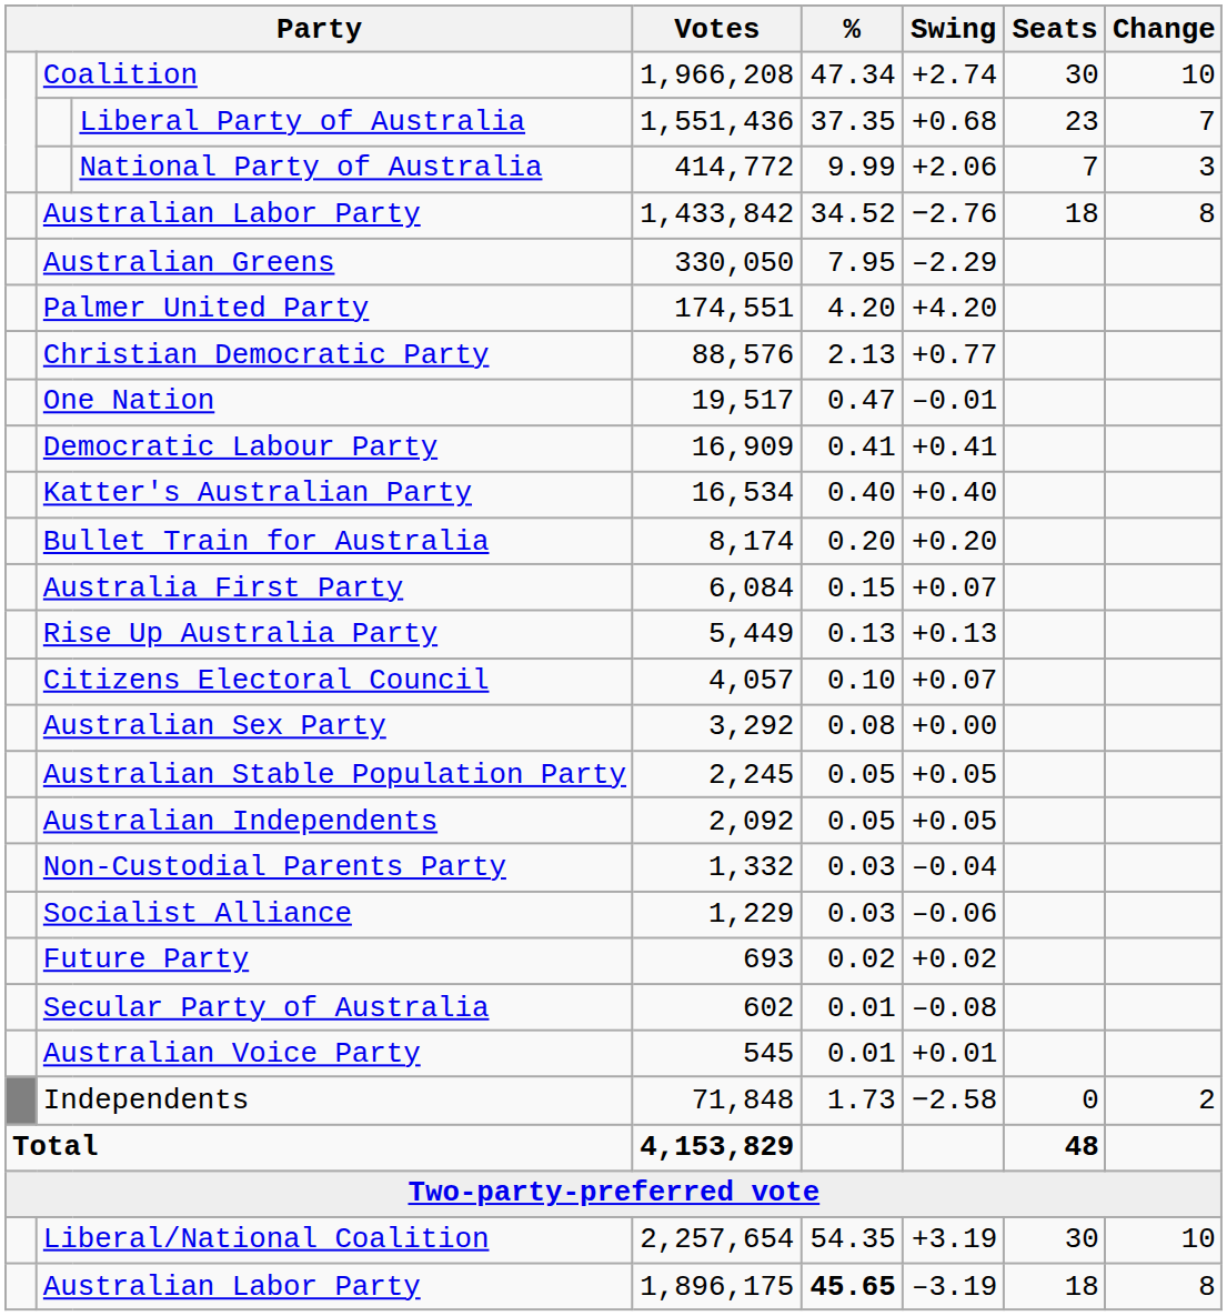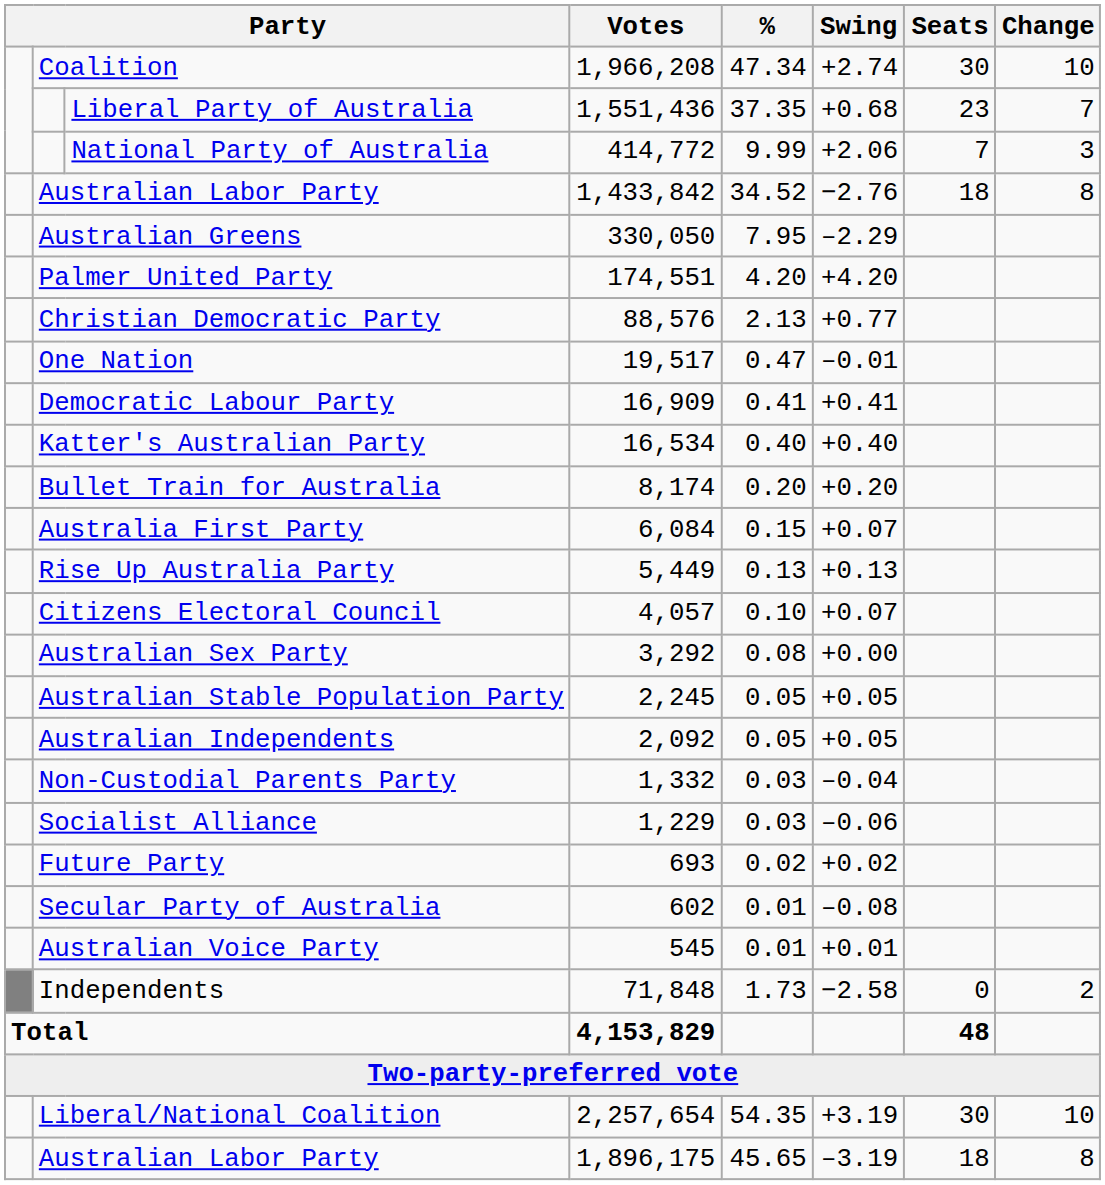 <table class="wikitable">
 <tr>
 <th style="width:200px" colspan=3><strong>Party</strong></th>
 <th style="width:70px; text-align:center;"><strong>Votes</strong></th>
 <th style="width:40px; text-align:center;"><strong>%</strong></th>
 <th style="width:40px; text-align:center;"><strong>Swing</strong></th>
 <th style="width:40px; text-align:center;"><strong>Seats</strong></th>
 <th style="width:40px; text-align:center;"><strong>Change</strong></th>
 </tr>
 <tr>
 <td rowspan=3> </td>
 <td colspan=2><a href='#'>Coalition</a></td>
 <td align=right>1,966,208</td>
 <td align=right>47.34</td>
 <td align=right>+2.74</td>
 <td align=right>30</td>
 <td align=right> 10</td>
 </tr>
 <tr>
 <td> </td>
 <td><a href='#'>Liberal Party of Australia</a></td>
 <td align=right>1,551,436</td>
 <td align=right>37.35</td>
 <td align=right>+0.68</td>
 <td align=right>23</td>
 <td align=right> 7</td>
 </tr>
 <tr>
 <td> </td>
 <td><a href='#'>National Party of Australia</a></td>
 <td align=right>414,772</td>
 <td align=right>9.99</td>
 <td align=right>+2.06</td>
 <td align=right>7</td>
 <td align=right> 3</td>
 </tr>
 <tr>
 <td> </td>
 <td colspan=2><a href='#'>Australian Labor Party</a></td>
 <td align=right>1,433,842</td>
 <td align=right>34.52</td>
 <td align=right>−2.76</td>
 <td align=right>18</td>
 <td align=right> 8</td>
 </tr>
 <tr>
 <td> </td>
 <td colspan=2><a href='#'>Australian Greens</a></td>
 <td align=right>330,050</td>
 <td align=right>7.95</td>
 <td align=right>–2.29</td>
 <td align=right></td>
 <td align=right></td>
 </tr>
 <tr>
 <td> </td>
 <td colspan=2><a href='#'>Palmer United Party</a></td>
 <td align=right>174,551</td>
 <td align=right>4.20</td>
 <td align=right>+4.20</td>
 <td align=right></td>
 <td align=right></td>
 </tr>
 <tr>
 <td> </td>
 <td colspan=2><a href='#'>Christian Democratic Party</a></td>
 <td align=right>88,576</td>
 <td align=right>2.13</td>
 <td align=right>+0.77</td>
 <td align=right></td>
 <td align=right></td>
 </tr>
 <tr>
 <td> </td>
 <td colspan=2><a href='#'>One Nation</a></td>
 <td align=right>19,517</td>
 <td align=right>0.47</td>
 <td align=right>–0.01</td>
 <td align=right></td>
 <td align=right></td>
 </tr>
 <tr>
 <td> </td>
 <td colspan=2><a href='#'>Democratic Labour Party</a></td>
 <td align=right>16,909</td>
 <td align=right>0.41</td>
 <td align=right>+0.41</td>
 <td align=right></td>
 <td align=right></td>
 </tr>
 <tr>
 <td> </td>
 <td colspan=2><a href='#'>Katter's Australian Party</a></td>
 <td align=right>16,534</td>
 <td align=right>0.40</td>
 <td align=right>+0.40</td>
 <td align=right></td>
 <td align=right></td>
 </tr>
 <tr>
 <td> </td>
 <td colspan=2><a href='#'>Bullet Train for Australia</a></td>
 <td align=right>8,174</td>
 <td align=right>0.20</td>
 <td align=right>+0.20</td>
 <td align=right></td>
 <td align=right></td>
 </tr>
 <tr>
 <td> </td>
 <td colspan=2><a href='#'>Australia First Party</a></td>
 <td align=right>6,084</td>
 <td align=right>0.15</td>
 <td align=right>+0.07</td>
 <td align=right></td>
 <td align=right></td>
 </tr>
 <tr>
 <td> </td>
 <td colspan=2><a href='#'>Rise Up Australia Party</a></td>
 <td align=right>5,449</td>
 <td align=right>0.13</td>
 <td align=right>+0.13</td>
 <td align=right></td>
 <td align=right></td>
 </tr>
 <tr>
 <td> </td>
 <td colspan=2><a href='#'>Citizens Electoral Council</a></td>
 <td align=right>4,057</td>
 <td align=right>0.10</td>
 <td align=right>+0.07</td>
 <td align=right></td>
 <td align=right></td>
 </tr>
 <tr>
 <td> </td>
 <td colspan=2><a href='#'>Australian Sex Party</a></td>
 <td align=right>3,292</td>
 <td align=right>0.08</td>
 <td align=right>+0.00</td>
 <td align=right></td>
 <td align=right></td>
 </tr>
 <tr>
 <td> </td>
 <td colspan=2><a href='#'>Australian Stable Population Party</a></td>
 <td align=right>2,245</td>
 <td align=right>0.05</td>
 <td align=right>+0.05</td>
 <td align=right></td>
 <td align=right></td>
 </tr>
 <tr>
 <td> </td>
 <td colspan=2><a href='#'>Australian Independents</a></td>
 <td align=right>2,092</td>
 <td align=right>0.05</td>
 <td align=right>+0.05</td>
 <td align=right></td>
 <td align=right></td>
 </tr>
 <tr>
 <td> </td>
 <td colspan=2><a href='#'>Non-Custodial Parents Party</a></td>
 <td align=right>1,332</td>
 <td align=right>0.03</td>
 <td align=right>–0.04</td>
 <td align=right></td>
 <td align=right></td>
 </tr>
 <tr>
 <td> </td>
 <td colspan=2><a href='#'>Socialist Alliance</a></td>
 <td align=right>1,229</td>
 <td align=right>0.03</td>
 <td align=right>–0.06</td>
 <td align=right></td>
 <td align=right></td>
 </tr>
 <tr>
 <td> </td>
 <td colspan=2><a href='#'>Future Party</a></td>
 <td align=right>693</td>
 <td align=right>0.02</td>
 <td align=right>+0.02</td>
 <td align=right></td>
 <td align=right></td>
 </tr>
 <tr>
 <td> </td>
 <td colspan=2><a href='#'>Secular Party of Australia</a></td>
 <td align=right>602</td>
 <td align=right>0.01</td>
 <td align=right>–0.08</td>
 <td align=right></td>
 <td align=right></td>
 </tr>
 <tr>
 <td> </td>
 <td colspan=2><a href='#'>Australian Voice Party</a></td>
 <td align=right>545</td>
 <td align=right>0.01</td>
 <td align=right>+0.01</td>
 <td align=right></td>
 <td align=right></td>
 </tr>
 <tr>
 <td style="background:gray;"> </td>
 <td colspan=2>Independents</td>
 <td align=right>71,848</td>
 <td align=right>1.73</td>
 <td align=right>−2.58</td>
 <td align=right>0</td>
 <td align=right> 2</td>
 </tr>
 <tr>
 <td colspan="3"><strong>Total</strong></td>
 <td align="right"><strong>4,153,829</strong></td>
 <td align="right"><strong> </strong></td>
 <td align="right"><strong> </strong></td>
 <td align=right><strong>48</strong></td>
 <td align=right></td>
 </tr>
 <tr>
 <td colspan="8" style="text-align:center; background:#eee;"><strong><a href='#'>Two-party-preferred vote</a></strong></td>
 </tr>
 <tr>
 <td> </td>
 <td colspan=2><a href='#'>Liberal/National Coalition</a></td>
 <td align=right>2,257,654</td>
 <td align=right>54.35</td>
 <td align=right>+3.19</td>
 <td align=right>30</td>
 <td align=right> 10</td>
 </tr>
 <tr>
 <td> </td>
 <td colspan=2><a href='#'>Australian Labor Party</a></td>
 <td align=right>1,896,175</td>
-<td align=right><strong>45.65</strong></td>
+<td align=right>45.65</td>
 <td align=right>–3.19</td>
 <td align=right>18</td>
 <td align=right> 8</td>
 </tr>
 </table>
